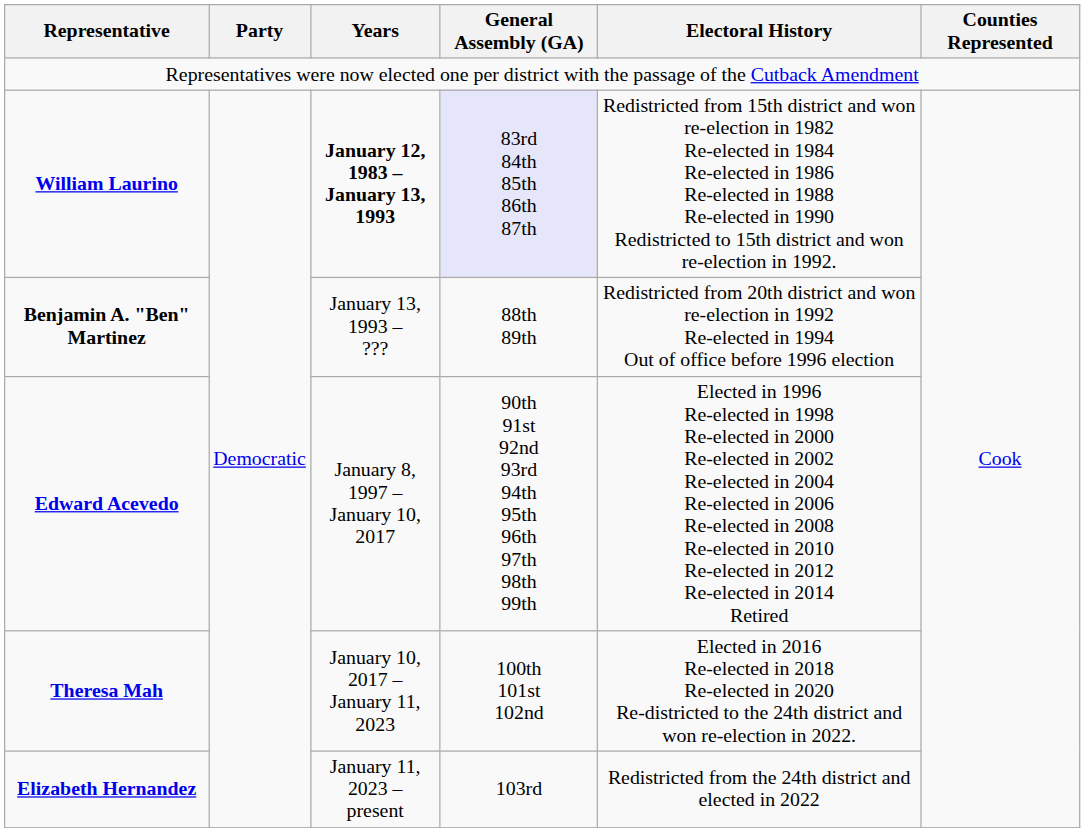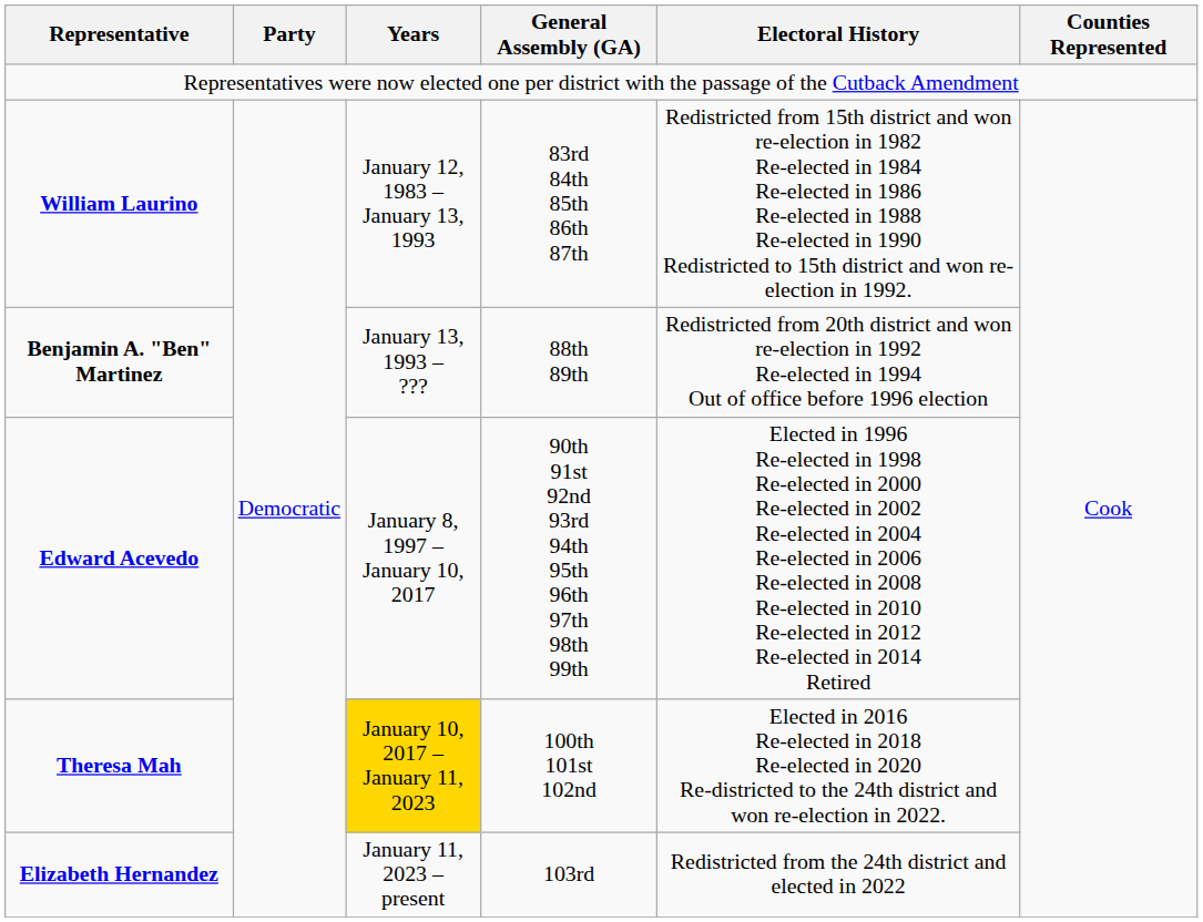 <table class="wikitable" style="text-align:center">
 <tr>
 <th>Representative</th>
 <th>Party</th>
 <th>Years</th>
 <th>General Assembly (GA)</th>
 <th>Electoral History</th>
 <th>Counties Represented</th>
 </tr>
 <tr>
 <td colspan=6>Representatives were now elected one per district with the passage of the <a href='#'>Cutback Amendment</a></td>
 </tr>
 <tr>
 <td><strong><a href='#'>William Laurino</a></strong></td>
 <td rowspan=5 ><a href='#'>Democratic</a></td>
-<td><strong>January 12, 1983 –<br>January 13, 1993</strong></td>
-<td style="background: lavender;">83rd<br>84th<br>85th<br>86th<br>87th</td>
+<td>January 12, 1983 –<br>January 13, 1993</td>
+<td>83rd<br>84th<br>85th<br>86th<br>87th</td>
 <td>Redistricted from 15th district and won re-election in 1982<br>Re-elected in 1984<br>Re-elected in 1986<br>Re-elected in 1988<br>Re-elected in 1990<br>Redistricted to 15th district and won re-election in 1992.</td>
 <td rowspan=5><a href='#'>Cook</a></td>
 </tr>
 <tr>
 <td><strong>Benjamin A. "Ben" Martinez</strong></td>
 <td>January 13, 1993 –<br>???</td>
 <td>88th<br>89th</td>
 <td>Redistricted from 20th district and won re-election in 1992<br>Re-elected in 1994<br>Out of office before 1996 election</td>
 </tr>
 <tr>
 <td><strong><a href='#'>Edward Acevedo</a></strong></td>
 <td>January 8, 1997 –<br>January 10, 2017</td>
 <td>90th<br>91st<br>92nd<br>93rd<br>94th<br>95th<br>96th<br>97th<br>98th<br>99th</td>
 <td>Elected in 1996<br>Re-elected in 1998<br>Re-elected in 2000<br>Re-elected in 2002<br>Re-elected in 2004<br>Re-elected in 2006<br>Re-elected in 2008<br>Re-elected in 2010<br>Re-elected in 2012<br>Re-elected in 2014<br>Retired</td>
 </tr>
 <tr>
 <td><strong><a href='#'>Theresa Mah</a></strong></td>
-<td>January 10, 2017 –<br>January 11, 2023</td>
+<td style="background: gold;">January 10, 2017 –<br>January 11, 2023</td>
 <td>100th<br>101st<br>102nd</td>
 <td>Elected in 2016<br>Re-elected in 2018<br>Re-elected in 2020<br>Re-districted to the 24th district and won re-election in 2022.</td>
 </tr>
 <tr>
 <td><strong><a href='#'>Elizabeth Hernandez</a></strong></td>
 <td>January 11, 2023 –<br>present</td>
 <td>103rd</td>
 <td>Redistricted from the 24th district and elected in 2022</td>
 </tr>
 <tr>
 </tr>
 </table>
